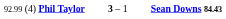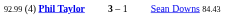 <table style="text-align:center">
 <tr>
 <th width=223></th>
 <th width=100></th>
 <th width=223></th>
 </tr>
 <tr>
 <td align=right><small>92.99</small> (4) <strong><a href='#'>Phil Taylor</a></strong> </td>
 <td><strong>3</strong> – 1</td>
-<td align=left><strong> <a href='#'>Sean Downs</a> <small>84.43</small></strong></td>
+<td align=left> <a href='#'>Sean Downs</a> <small>84.43</small></td>
 </tr>
 </table>
